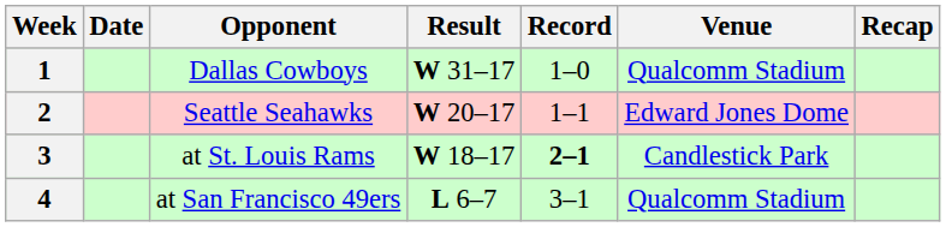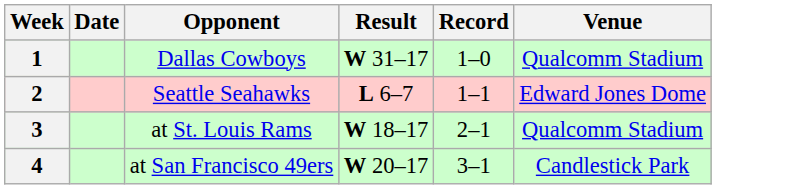 <table class="wikitable" style="text-align:center">
 <tr>
 <th>Week</th>
 <th>Date</th>
 <th>Opponent</th>
 <th>Result</th>
 <th>Record</th>
 <th>Venue</th>
-<th>Recap</th>
 </tr>
 <tr style="background:#cfc">
 <th>1</th>
 <td></td>
 <td><a href='#'>Dallas Cowboys</a></td>
 <td><strong>W</strong> 31–17</td>
 <td>1–0</td>
 <td><a href='#'>Qualcomm Stadium</a></td>
-<td></td>
 </tr>
 <tr style="background:#fcc">
 <th>2</th>
 <td></td>
 <td><a href='#'>Seattle Seahawks</a></td>
-<td><strong>W</strong> 20–17</td>
+<td><strong>L</strong> 6–7</td>
 <td>1–1</td>
 <td><a href='#'>Edward Jones Dome</a></td>
-<td></td>
 </tr>
 <tr style="background:#cfc">
 <th>3</th>
 <td></td>
 <td>at <a href='#'>St. Louis Rams</a></td>
 <td><strong>W</strong> 18–17</td>
-<td><strong>2–1</strong></td>
-<td><a href='#'>Candlestick Park</a></td>
-<td></td>
+<td>2–1</td>
+<td><a href='#'>Qualcomm Stadium</a></td>
 </tr>
 <tr style="background:#cfc">
 <th>4</th>
 <td></td>
 <td>at <a href='#'>San Francisco 49ers</a></td>
-<td><strong>L</strong> 6–7</td>
+<td><strong>W</strong> 20–17</td>
 <td>3–1</td>
-<td><a href='#'>Qualcomm Stadium</a></td>
-<td></td>
+<td><a href='#'>Candlestick Park</a></td>
 </tr>
 </table>
